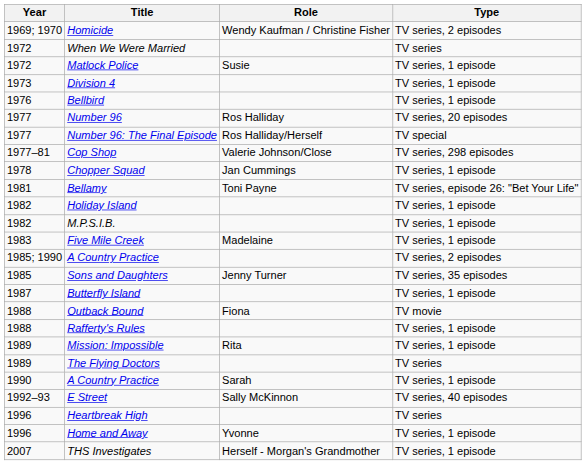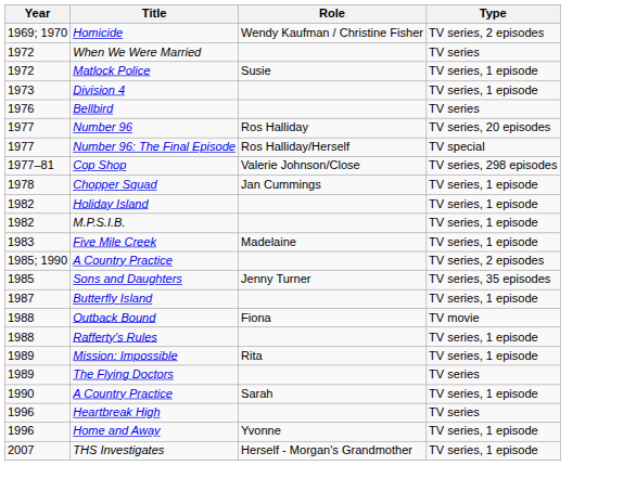 <table class="wikitable">
 <tr>
 <th>Year</th>
 <th>Title</th>
 <th>Role</th>
 <th>Type</th>
 </tr>
 <tr>
 <td>1969; 1970</td>
 <td><em><a href='#'>Homicide</a></em></td>
 <td>Wendy Kaufman / Christine Fisher</td>
 <td>TV series, 2 episodes</td>
 </tr>
 <tr>
 <td>1972</td>
 <td><em>When We Were Married</em></td>
 <td></td>
 <td>TV series</td>
 </tr>
 <tr>
 <td>1972</td>
 <td><em><a href='#'>Matlock Police</a></em></td>
 <td>Susie</td>
 <td>TV series, 1 episode</td>
 </tr>
 <tr>
 <td>1973</td>
 <td><em><a href='#'>Division 4</a></em></td>
 <td></td>
 <td>TV series, 1 episode</td>
 </tr>
 <tr>
 <td>1976</td>
 <td><em><a href='#'>Bellbird</a></em></td>
 <td></td>
-<td>TV series, 1 episode</td>
+<td>TV series</td>
 </tr>
 <tr>
 <td>1977</td>
 <td><em><a href='#'>Number 96</a></em></td>
 <td>Ros Halliday</td>
 <td>TV series, 20 episodes</td>
 </tr>
 <tr>
 <td>1977</td>
 <td><em><a href='#'>Number 96: The Final Episode</a></em></td>
 <td>Ros Halliday/Herself</td>
 <td>TV special</td>
 </tr>
 <tr>
 <td>1977–81</td>
 <td><em><a href='#'>Cop Shop</a></em></td>
 <td>Valerie Johnson/Close</td>
 <td>TV series, 298 episodes</td>
 </tr>
 <tr>
 <td>1978</td>
 <td><em><a href='#'>Chopper Squad</a></em></td>
 <td>Jan Cummings</td>
 <td>TV series, 1 episode</td>
-</tr>
-<tr>
-<td>1981</td>
-<td><em><a href='#'>Bellamy</a></em></td>
-<td>Toni Payne</td>
-<td>TV series, episode 26: "Bet Your Life"</td>
 </tr>
 <tr>
 <td>1982</td>
 <td><em><a href='#'>Holiday Island</a></em></td>
 <td></td>
 <td>TV series, 1 episode</td>
 </tr>
 <tr>
 <td>1982</td>
 <td><em>M.P.S.I.B.</em></td>
 <td></td>
 <td>TV series, 1 episode</td>
 </tr>
 <tr>
 <td>1983</td>
 <td><em><a href='#'>Five Mile Creek</a></em></td>
 <td>Madelaine</td>
 <td>TV series, 1 episode</td>
 </tr>
 <tr>
 <td>1985; 1990</td>
 <td><em><a href='#'>A Country Practice</a></em></td>
 <td></td>
 <td>TV series, 2 episodes</td>
 </tr>
 <tr>
 <td>1985</td>
 <td><em><a href='#'>Sons and Daughters</a></em></td>
 <td>Jenny Turner</td>
 <td>TV series, 35 episodes</td>
 </tr>
 <tr>
 <td>1987</td>
 <td><em><a href='#'>Butterfly Island</a></em></td>
 <td></td>
 <td>TV series, 1 episode</td>
 </tr>
 <tr>
 <td>1988</td>
 <td><em><a href='#'>Outback Bound</a></em></td>
 <td>Fiona</td>
 <td>TV movie</td>
 </tr>
 <tr>
 <td>1988</td>
 <td><em><a href='#'>Rafferty's Rules</a></em></td>
 <td></td>
 <td>TV series, 1 episode</td>
 </tr>
 <tr>
 <td>1989</td>
 <td><em><a href='#'>Mission: Impossible</a></em></td>
 <td>Rita</td>
 <td>TV series, 1 episode</td>
 </tr>
 <tr>
 <td>1989</td>
 <td><em><a href='#'>The Flying Doctors</a></em></td>
 <td></td>
 <td>TV series</td>
 </tr>
 <tr>
 <td>1990</td>
 <td><em><a href='#'>A Country Practice</a></em></td>
 <td>Sarah</td>
 <td>TV series, 1 episode</td>
 </tr>
 <tr>
-<td>1992–93</td>
-<td><em><a href='#'>E Street</a></em></td>
-<td>Sally McKinnon</td>
-<td>TV series, 40 episodes</td>
-</tr>
-<tr>
 <td>1996</td>
 <td><em><a href='#'>Heartbreak High</a></em></td>
 <td></td>
 <td>TV series</td>
 </tr>
 <tr>
 <td>1996</td>
 <td><em><a href='#'>Home and Away</a></em></td>
 <td>Yvonne</td>
 <td>TV series, 1 episode</td>
 </tr>
 <tr>
 <td>2007</td>
 <td><em>THS Investigates</em></td>
 <td>Herself - Morgan's Grandmother</td>
 <td>TV series, 1 episode</td>
 </tr>
 </table>
